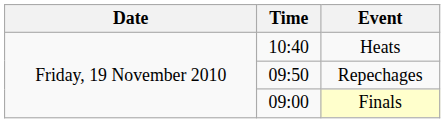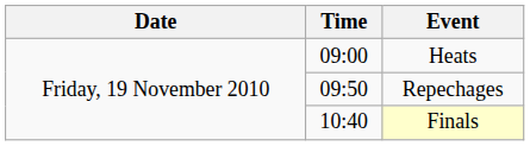 <table class = "wikitable" style="text-align:center;">
 <tr>
 <th width=220>Date</th>
 <th width=50>Time</th>
 <th width=100>Event</th>
 </tr>
 <tr>
 <td rowspan=3>Friday, 19 November 2010</td>
-<td>10:40</td>
+<td>09:00</td>
 <td>Heats</td>
 </tr>
 <tr>
 <td>09:50</td>
 <td>Repechages</td>
 </tr>
 <tr>
-<td>09:00</td>
+<td>10:40</td>
 <td style="background:#ffffcc;">Finals</td>
 </tr>
 </table>
